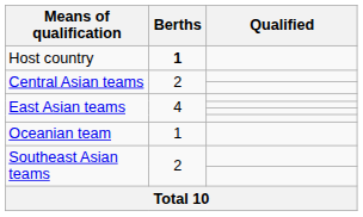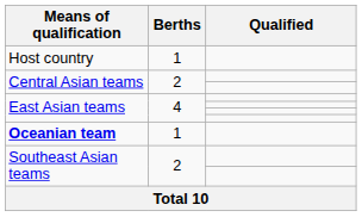 <table class="wikitable" style="margin:0; width:60%;">
 <tr>
 <th style="margin:0; width:38%;">Means of qualification</th>
 <th style="margin:0; width:13%;">Berths</th>
 <th style="margin:0; width:40%;">Qualified</th>
 </tr>
 <tr>
 <td>Host country</td>
-<td align=center><strong>1</strong></td>
+<td align=center>1</td>
 <td></td>
 </tr>
 <tr>
 <td rowspan=2><a href='#'>Central Asian teams</a></td>
 <td rowspan=2 align=center>2</td>
 <td></td>
 </tr>
 <tr>
 <td></td>
 </tr>
 <tr>
 <td rowspan=4><a href='#'>East Asian teams</a></td>
 <td rowspan=4 align=center>4</td>
 <td></td>
 </tr>
 <tr>
 <td></td>
 </tr>
 <tr>
 <td></td>
 </tr>
 <tr>
 <td></td>
 </tr>
 <tr>
-<td><a href='#'>Oceanian team</a></td>
+<td><strong><a href='#'>Oceanian team</a></strong></td>
 <td align=center>1</td>
 <td></td>
 </tr>
 <tr>
 <td rowspan=2><a href='#'>Southeast Asian teams</a></td>
 <td rowspan=2 align=center>2</td>
 <td></td>
 </tr>
 <tr>
 <td></td>
 </tr>
 <tr>
 <th colspan=4>Total 10</th>
 </tr>
 </table>
